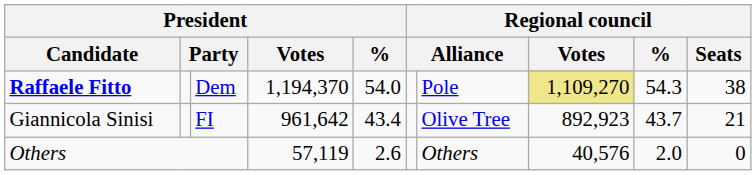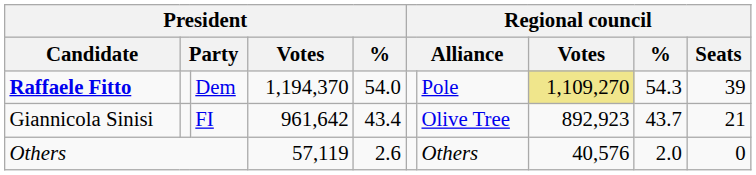 <table class="wikitable" style="text-align:right; style="width=65%">
 <tr>
 <th colspan="5">President</th>
 <th colspan="7">Regional council</th>
 </tr>
 <tr>
 <th>Candidate</th>
 <th colspan="2">Party</th>
 <th>Votes</th>
 <th>%</th>
 <th colspan="2">Alliance</th>
 <th>Votes</th>
 <th>%</th>
 <th>Seats</th>
 </tr>
 <tr>
 <td style="text-align:left"><strong><a href='#'>Raffaele Fitto</a></strong></td>
 <td></td>
 <td style="text-align:left"><a href='#'>Dem</a></td>
 <td>1,194,370</td>
 <td>54.0</td>
 <td></td>
 <td style="text-align:left"><a href='#'>Pole</a></td>
 <td style="background: khaki;">1,109,270</td>
 <td>54.3</td>
-<td>38</td>
+<td>39</td>
 </tr>
 <tr>
 <td style="text-align:left">Giannicola Sinisi</td>
 <td></td>
 <td style="text-align:left"><a href='#'>FI</a></td>
 <td>961,642</td>
 <td>43.4</td>
 <td></td>
 <td style="text-align:left"><a href='#'>Olive Tree</a></td>
 <td>892,923</td>
 <td>43.7</td>
 <td>21</td>
 </tr>
 <tr>
 <td colspan="3" style="text-align:left"><em>Others</em></td>
 <td>57,119</td>
 <td>2.6</td>
 <td></td>
 <td style="text-align:left"><em>Others</em></td>
 <td>40,576</td>
 <td>2.0</td>
 <td>0</td>
 </tr>
 </table>
